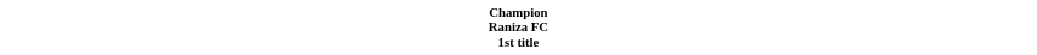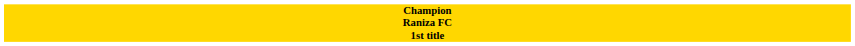 <table width="100%" cellspacing="0">
 <tr>
 <td align="center"></td>
 </tr>
 <tr>
-<td align="center"><strong>Champion<br>Raniza FC<br>1st title</strong></td>
+<td align="center" style="background: gold;"><strong>Champion<br>Raniza FC<br>1st title</strong></td>
 </tr>
 </table>
